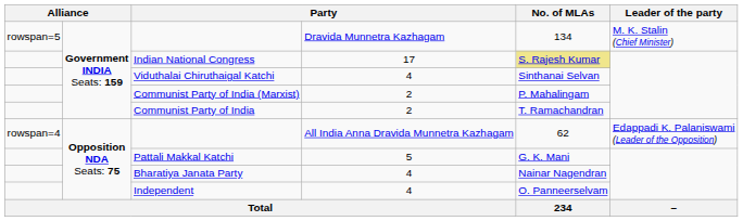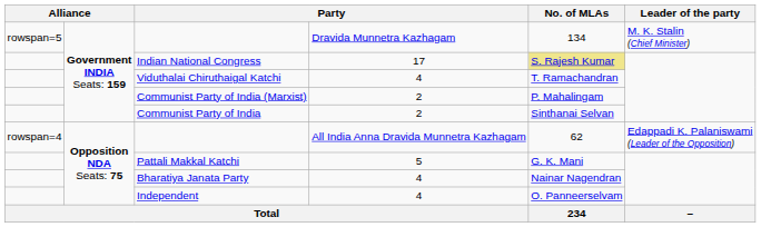 <table class="wikitable">
 <tr>
 <th colspan=2>Alliance</th>
 <th colspan=2>Party</th>
 <th>No. of MLAs</th>
 <th>Leader of the party</th>
 </tr>
 <tr>
 <td>rowspan=5 </td>
 <td rowspan=5 style="text-align:center;"><strong>Government<br><a href='#'>INDIA</a></strong><br>Seats: <strong>159</strong></td>
 <td></td>
 <td><a href='#'>Dravida Munnetra Kazhagam</a></td>
 <td style="text-align:center;">134</td>
 <td><a href='#'>M. K. Stalin</a><br><small><em>(<a href='#'>Chief Minister</a>)</em></small></td>
 </tr>
 <tr>
 <td></td>
 <td><a href='#'>Indian National Congress</a></td>
 <td style="text-align:center;">17</td>
 <td style="background: khaki;"><a href='#'>S. Rajesh Kumar</a></td>
 </tr>
 <tr>
 <td></td>
 <td><a href='#'>Viduthalai Chiruthaigal Katchi</a></td>
 <td style="text-align:center;">4</td>
-<td><a href='#'>Sinthanai Selvan</a></td>
+<td><a href='#'>T. Ramachandran</a></td>
 </tr>
 <tr>
 <td></td>
 <td><a href='#'>Communist Party of India (Marxist)</a></td>
 <td style="text-align:center;">2</td>
 <td><a href='#'>P. Mahalingam</a></td>
 </tr>
 <tr>
 <td></td>
 <td><a href='#'>Communist Party of India</a></td>
 <td style="text-align:center;">2</td>
-<td><a href='#'>T. Ramachandran</a></td>
+<td><a href='#'>Sinthanai Selvan</a></td>
 </tr>
 <tr>
 <td>rowspan=4 </td>
 <td rowspan=4 style="text-align:center;"><strong>Opposition<br><a href='#'>NDA</a></strong><br>Seats: <strong>75</strong></td>
 <td></td>
 <td><a href='#'>All India Anna Dravida Munnetra Kazhagam</a></td>
 <td style="text-align:center;">62</td>
 <td><a href='#'>Edappadi K. Palaniswami</a><br><small><em>(<a href='#'>Leader of the Opposition</a>)</em></small></td>
 </tr>
 <tr>
 <td></td>
 <td><a href='#'>Pattali Makkal Katchi</a></td>
 <td style="text-align:center;">5</td>
 <td><a href='#'>G. K. Mani</a></td>
 </tr>
 <tr>
 <td></td>
 <td><a href='#'>Bharatiya Janata Party</a></td>
 <td style="text-align:center;">4</td>
 <td><a href='#'>Nainar Nagendran</a></td>
 </tr>
 <tr>
 <td></td>
 <td><a href='#'>Independent</a></td>
 <td style="text-align:center;">4</td>
 <td><a href='#'>O. Panneerselvam</a></td>
 </tr>
 <tr>
 <th colspan=4>Total</th>
 <th>234</th>
 <th>–</th>
 </tr>
 </table>
